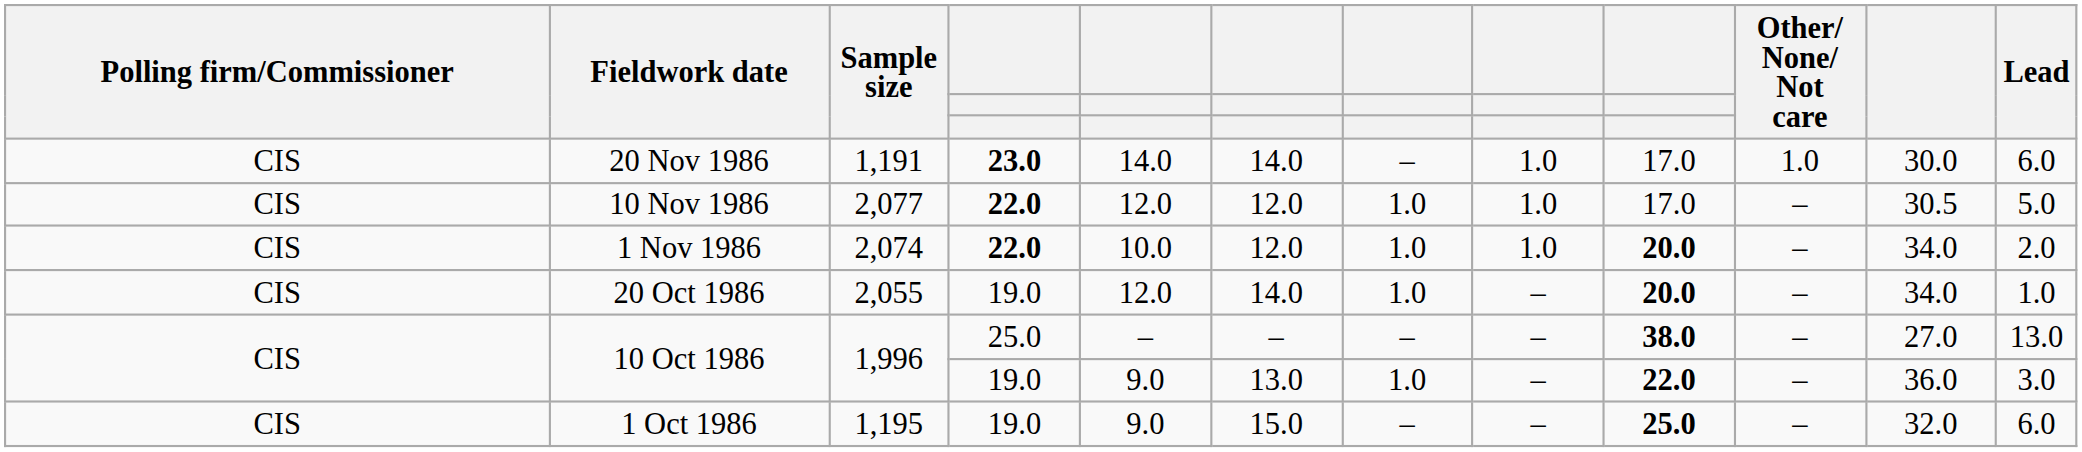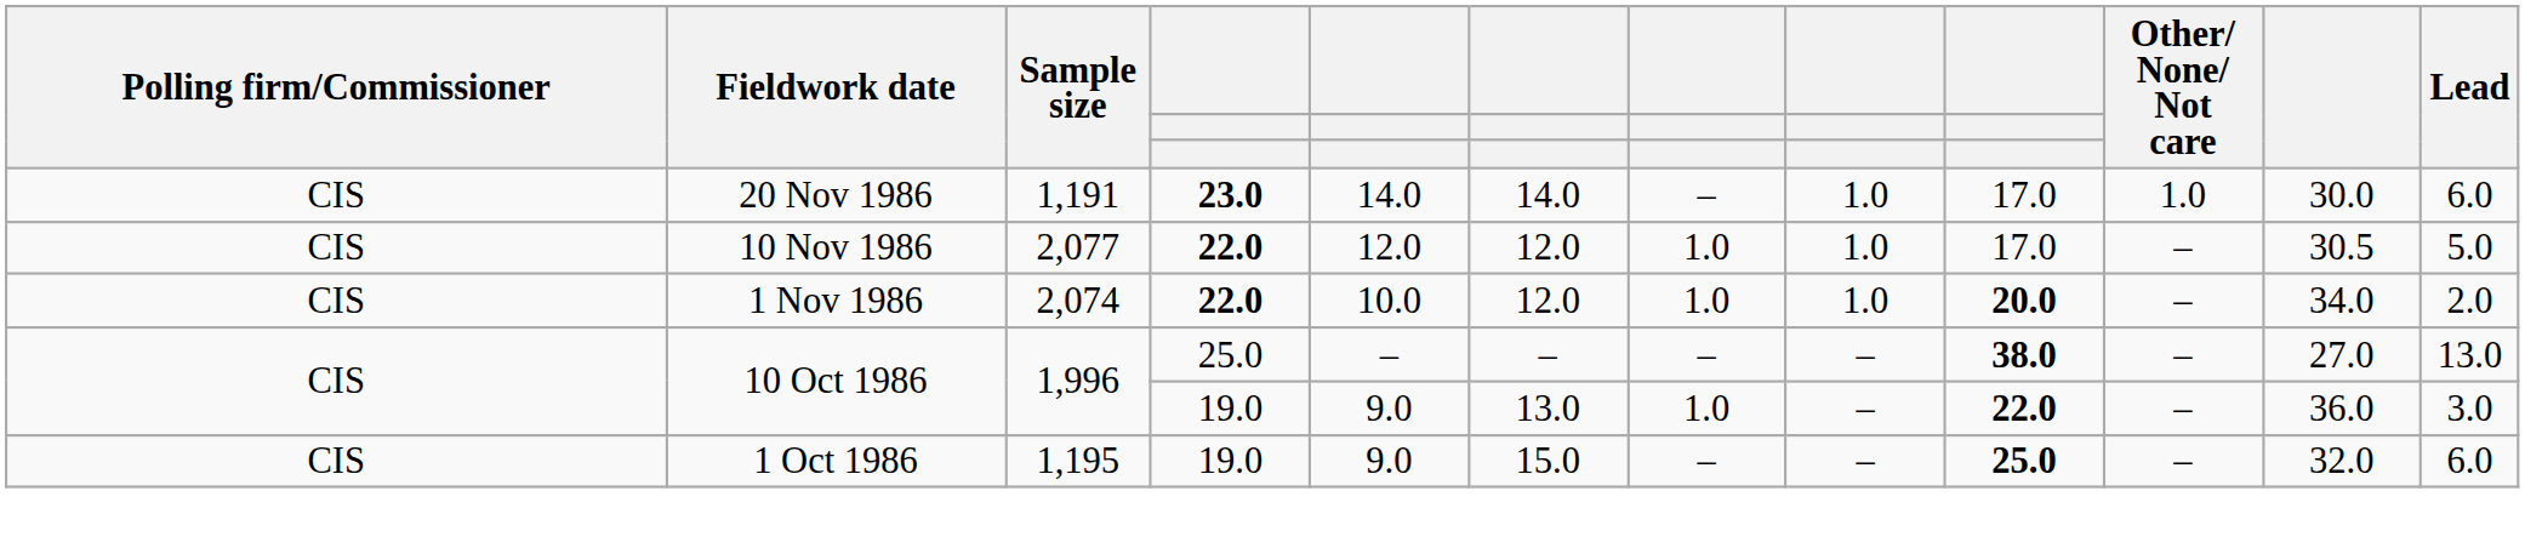 <table class="wikitable collapsible collapsed" style="text-align:center; font-size:90%; line-height:14px;">
 <tr style="height:42px;">
 <th style="width:250px;" rowspan="3">Polling firm/Commissioner</th>
 <th style="width:125px;" rowspan="3">Fieldwork date</th>
 <th style="width:50px;" rowspan="3">Sample size</th>
 <th style="width:55px;"></th>
 <th style="width:55px;"></th>
 <th style="width:55px;"></th>
 <th style="width:55px;"></th>
 <th style="width:55px;"></th>
 <th style="width:55px;"></th>
 <th style="width:55px;" rowspan="3">Other/<br>None/<br>Not<br>care</th>
 <th style="width:55px;" rowspan="3"></th>
 <th style="width:30px;" rowspan="3">Lead</th>
 </tr>
 <tr>
 <th style="color:inherit;background:"></th>
 <th style="color:inherit;background:"></th>
 <th style="color:inherit;background:"></th>
 <th style="color:inherit;background:"></th>
 <th style="color:inherit;background:"></th>
 <th style="color:inherit;background:"></th>
 </tr>
 <tr>
 <th></th>
 <th></th>
 <th></th>
 <th></th>
 <th></th>
 <th></th>
 </tr>
 <tr>
 <td>CIS</td>
 <td>20 Nov 1986</td>
 <td>1,191</td>
 <td><strong>23.0</strong></td>
 <td>14.0</td>
 <td>14.0</td>
 <td>–</td>
 <td>1.0</td>
 <td>17.0</td>
 <td>1.0</td>
 <td>30.0</td>
 <td style="background:">6.0</td>
 </tr>
 <tr>
 <td>CIS</td>
 <td>10 Nov 1986</td>
 <td>2,077</td>
 <td><strong>22.0</strong></td>
 <td>12.0</td>
 <td>12.0</td>
 <td>1.0</td>
 <td>1.0</td>
 <td>17.0</td>
 <td>–</td>
 <td>30.5</td>
 <td style="background:">5.0</td>
 </tr>
 <tr>
 <td>CIS</td>
 <td>1 Nov 1986</td>
 <td>2,074</td>
 <td><strong>22.0</strong></td>
 <td>10.0</td>
 <td>12.0</td>
 <td>1.0</td>
 <td>1.0</td>
 <td><strong>20.0</strong></td>
 <td>–</td>
 <td>34.0</td>
 <td style="background:">2.0</td>
 </tr>
 <tr>
-<td>CIS</td>
-<td>20 Oct 1986</td>
-<td>2,055</td>
-<td>19.0</td>
-<td>12.0</td>
-<td>14.0</td>
-<td>1.0</td>
-<td>–</td>
-<td><strong>20.0</strong></td>
-<td>–</td>
-<td>34.0</td>
-<td style="background:">1.0</td>
-</tr>
-<tr>
 <td rowspan="2">CIS</td>
 <td rowspan="2">10 Oct 1986</td>
 <td rowspan="2">1,996</td>
 <td>25.0</td>
 <td>–</td>
 <td>–</td>
 <td>–</td>
 <td>–</td>
 <td><strong>38.0</strong></td>
 <td>–</td>
 <td>27.0</td>
 <td style="background:">13.0</td>
 </tr>
 <tr>
 <td>19.0</td>
 <td>9.0</td>
 <td>13.0</td>
 <td>1.0</td>
 <td>–</td>
 <td><strong>22.0</strong></td>
 <td>–</td>
 <td>36.0</td>
 <td style="background:">3.0</td>
 </tr>
 <tr>
 <td>CIS</td>
 <td>1 Oct 1986</td>
 <td>1,195</td>
 <td>19.0</td>
 <td>9.0</td>
 <td>15.0</td>
 <td>–</td>
 <td>–</td>
 <td><strong>25.0</strong></td>
 <td>–</td>
 <td>32.0</td>
 <td style="background:">6.0</td>
 </tr>
 </table>
